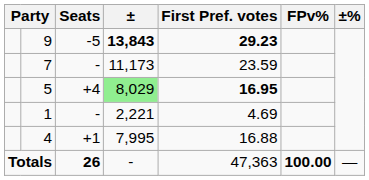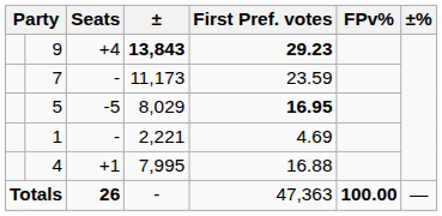 <table class=wikitable>
 <tr>
 <th colspan=2 align=center>Party</th>
 <th valign=top>Seats</th>
 <th valign=top>±</th>
 <th valign=top>First Pref. votes</th>
 <th valign=top>FPv%</th>
 <th valign=top>±%</th>
 </tr>
 <tr>
 <td></td>
 <td align=right>9</td>
-<td align=right>-5</td>
+<td align=right>+4</td>
 <td align=right><strong>13,843</strong></td>
 <td align=right><strong>29.23</strong></td>
 <td align=right></td>
 </tr>
 <tr>
 <td></td>
 <td align=right>7</td>
 <td align=right>-</td>
 <td align=right>11,173</td>
 <td align=right>23.59</td>
 <td align=right></td>
 </tr>
 <tr>
 <td></td>
 <td align=right>5</td>
-<td align=right>+4</td>
-<td align=right style="background: lightgreen;">8,029</td>
+<td align=right>-5</td>
+<td align=right>8,029</td>
 <td align=right><strong>16.95</strong></td>
 <td align=right></td>
 </tr>
 <tr>
 <td></td>
 <td align=right>1</td>
 <td align=right>-</td>
 <td align=right>2,221</td>
 <td align=right>4.69</td>
 <td align=right></td>
 </tr>
 <tr>
 <td></td>
 <td align=right>4</td>
 <td align=right>+1</td>
 <td align=right>7,995</td>
 <td align=right>16.88</td>
 <td align=right></td>
 </tr>
 <tr>
 <td colspan=2 align=center><strong>Totals</strong></td>
 <td align=right><strong>26</strong></td>
 <td align=center>-</td>
 <td align=right>47,363</td>
 <td align=center><strong>100.00</strong></td>
 <td align=center>—</td>
 </tr>
 </table>
